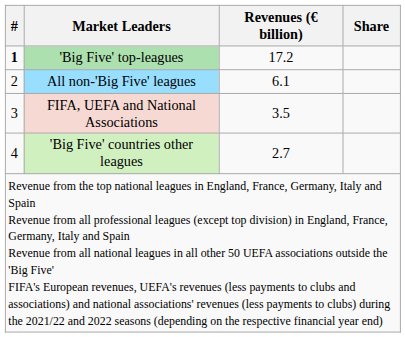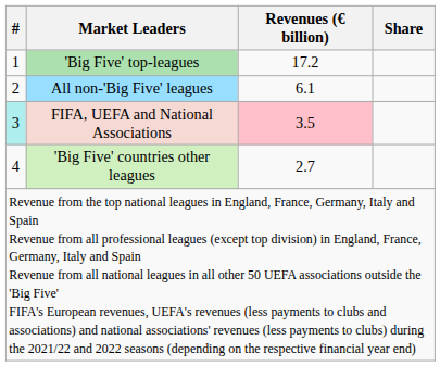 <table class="wikitable sortable" style="text-align:center;font-size:90%; max-width:400px; float:right;margin-left:1em;clear:right">
 <tr>
 <th>#</th>
 <th>Market Leaders</th>
 <th>Revenues (€ billion)</th>
 <th>Share</th>
 </tr>
 <tr>
-<td><strong>1</strong></td>
+<td>1</td>
 <td style="background:#ACE1AF">'Big Five' top-leagues</td>
 <td>17.2</td>
 <td></td>
 </tr>
 <tr>
 <td>2</td>
 <td style="background:#97DEFF">All non-'Big Five' leagues</td>
 <td>6.1</td>
 <td></td>
 </tr>
 <tr>
-<td>3</td>
+<td style="background: paleturquoise;">3</td>
 <td style="background:#F7D9D3">FIFA, UEFA and National Associations</td>
-<td>3.5</td>
+<td style="background: pink;">3.5</td>
 <td></td>
 </tr>
 <tr>
 <td>4</td>
 <td style="background:#D0F0C0">'Big Five' countries other leagues</td>
 <td>2.7</td>
 <td></td>
 </tr>
 <tr class="sortbottom">
 <td style="text-align:left" colspan="4"><small> Revenue from the top national leagues in England, France, Germany, Italy and Spain<br> Revenue from all professional leagues (except top division) in England, France, Germany, Italy and Spain<br> Revenue from all national leagues in all other 50 UEFA associations outside the 'Big Five'<br> FIFA's European revenues, UEFA's revenues (less payments to clubs and associations) and national associations' revenues (less payments to clubs) during the 2021/22 and 2022 seasons (depending on the respective financial year end)</small></td>
 </tr>
 </table>
